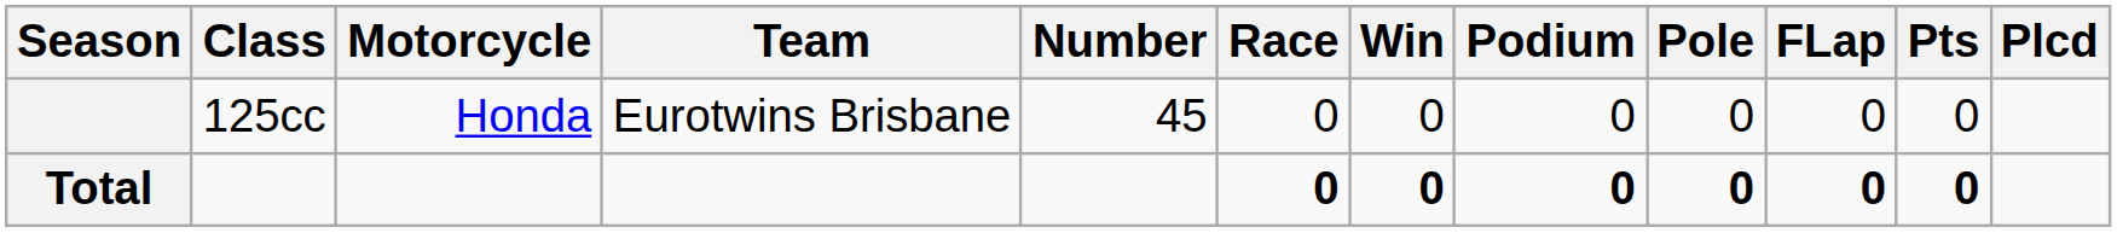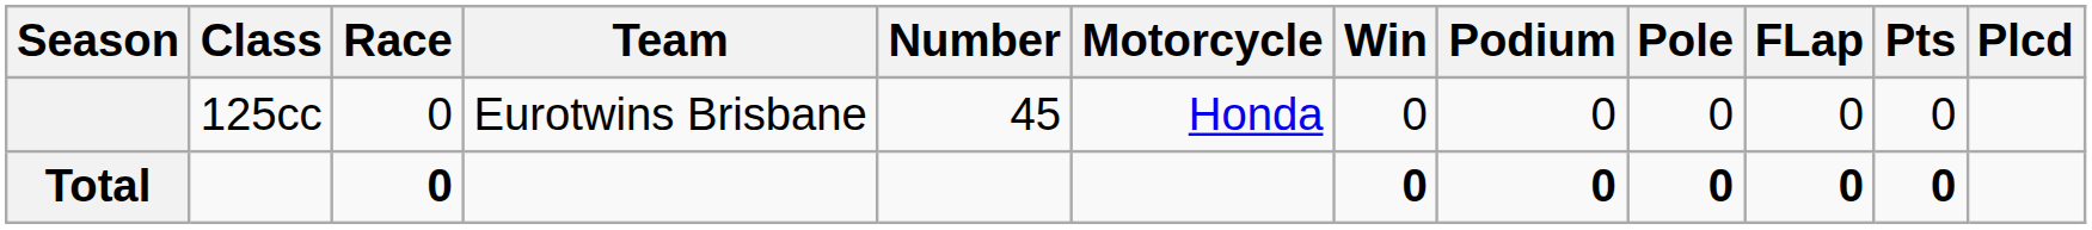 <table class="wikitable">
 <tr>
 <th>Season</th>
 <th>Class</th>
-<th>Motorcycle</th>
+<th>Race</th>
 <th>Team</th>
 <th>Number</th>
-<th>Race</th>
+<th>Motorcycle</th>
 <th>Win</th>
 <th>Podium</th>
 <th>Pole</th>
 <th>FLap</th>
 <th>Pts</th>
 <th>Plcd</th>
 </tr>
 <tr align="right">
 <th></th>
 <td>125cc</td>
-<td><a href='#'>Honda</a></td>
+<td>0</td>
 <td>Eurotwins Brisbane</td>
 <td>45</td>
-<td>0</td>
+<td><a href='#'>Honda</a></td>
 <td>0</td>
 <td>0</td>
 <td>0</td>
 <td>0</td>
 <td>0</td>
 <td></td>
 </tr>
 <tr align="right">
 <th>Total</th>
 <td></td>
+<td><strong>0</strong></td>
 <td></td>
 <td></td>
 <td></td>
 <td><strong>0</strong></td>
 <td><strong>0</strong></td>
 <td><strong>0</strong></td>
 <td><strong>0</strong></td>
 <td><strong>0</strong></td>
-<td><strong>0</strong></td>
 <td></td>
 </tr>
 </table>
